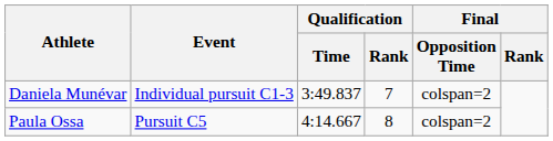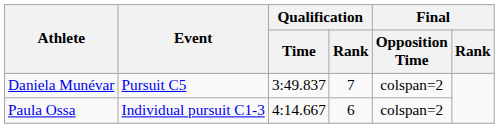 <table class=wikitable style="font-size:90%">
 <tr>
 <th rowspan="2">Athlete</th>
 <th rowspan="2">Event</th>
 <th colspan="2">Qualification</th>
 <th colspan="2">Final</th>
 </tr>
 <tr>
 <th>Time</th>
 <th>Rank</th>
 <th>Opposition<br>Time</th>
 <th>Rank</th>
 </tr>
 <tr style="text-align:center">
 <td style="text-align:left"><a href='#'>Daniela Munévar</a></td>
-<td style="text-align:left"><a href='#'>Individual pursuit C1-3</a></td>
+<td style="text-align:left"><a href='#'>Pursuit C5</a></td>
 <td>3:49.837</td>
 <td>7</td>
 <td>colspan=2 </td>
 </tr>
 <tr style="text-align:center">
 <td style="text-align:left"><a href='#'>Paula Ossa</a></td>
-<td style="text-align:left"><a href='#'>Pursuit C5</a></td>
+<td style="text-align:left"><a href='#'>Individual pursuit C1-3</a></td>
 <td>4:14.667</td>
-<td>8</td>
+<td>6</td>
 <td>colspan=2 </td>
 </tr>
 </table>
